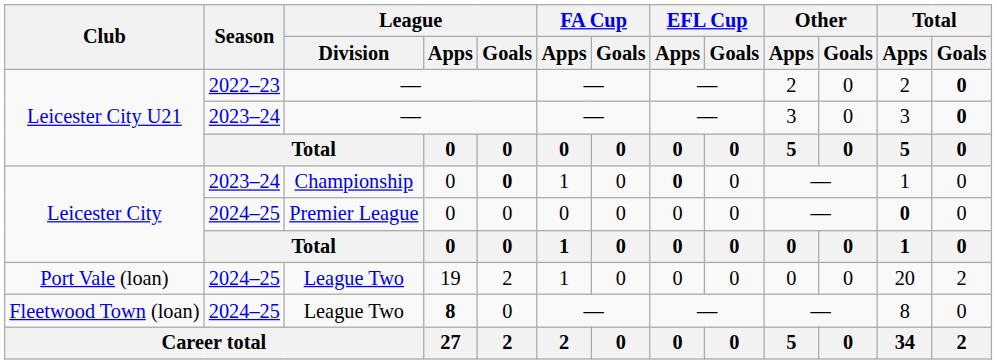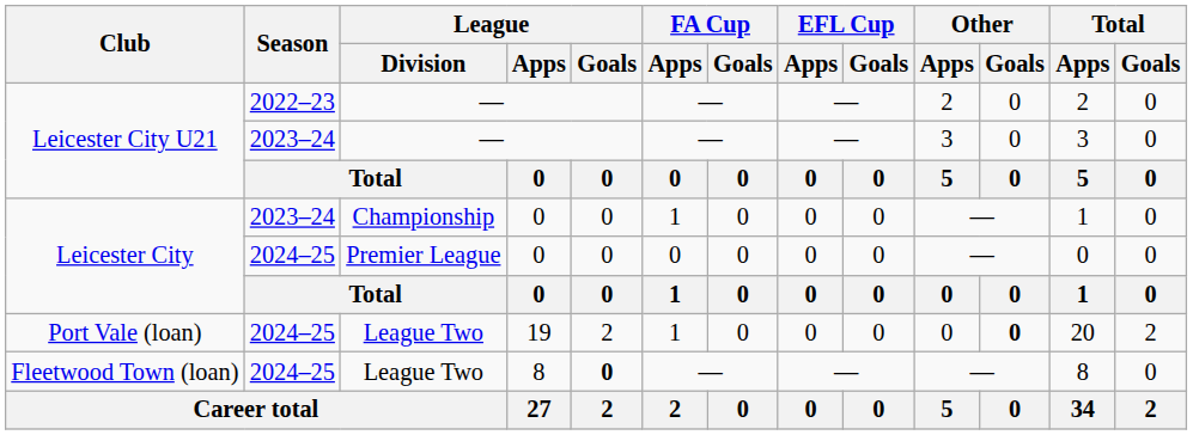 <table class=wikitable style=text-align:center>
 <tr>
 <th rowspan=2>Club</th>
 <th rowspan=2>Season</th>
 <th colspan=3>League</th>
 <th colspan=2><a href='#'>FA Cup</a></th>
 <th colspan=2><a href='#'>EFL Cup</a></th>
 <th colspan=2>Other</th>
 <th colspan=2>Total</th>
 </tr>
 <tr>
 <th>Division</th>
 <th>Apps</th>
 <th>Goals</th>
 <th>Apps</th>
 <th>Goals</th>
 <th>Apps</th>
 <th>Goals</th>
 <th>Apps</th>
 <th>Goals</th>
 <th>Apps</th>
 <th>Goals</th>
 </tr>
 <tr>
 <td rowspan="3"><a href='#'>Leicester City U21</a></td>
 <td><a href='#'>2022–23</a></td>
 <td colspan=3>—</td>
 <td colspan=2>—</td>
 <td colspan=2>—</td>
 <td>2</td>
 <td>0</td>
 <td>2</td>
-<td><strong>0</strong></td>
+<td>0</td>
 </tr>
 <tr>
 <td><a href='#'>2023–24</a></td>
 <td colspan=3>—</td>
 <td colspan=2>—</td>
 <td colspan=2>—</td>
 <td>3</td>
 <td>0</td>
 <td>3</td>
-<td><strong>0</strong></td>
+<td>0</td>
 </tr>
 <tr>
 <th colspan="2">Total</th>
 <th>0</th>
 <th>0</th>
 <th>0</th>
 <th>0</th>
 <th>0</th>
 <th>0</th>
 <th>5</th>
 <th>0</th>
 <th>5</th>
 <th>0</th>
 </tr>
 <tr>
 <td rowspan="3"><a href='#'>Leicester City</a></td>
 <td><a href='#'>2023–24</a></td>
 <td><a href='#'>Championship</a></td>
 <td>0</td>
-<td><strong>0</strong></td>
+<td>0</td>
 <td>1</td>
 <td>0</td>
-<td><strong>0</strong></td>
+<td>0</td>
 <td>0</td>
 <td colspan=2>—</td>
 <td>1</td>
 <td>0</td>
 </tr>
 <tr>
 <td><a href='#'>2024–25</a></td>
 <td><a href='#'>Premier League</a></td>
 <td>0</td>
 <td>0</td>
 <td>0</td>
 <td>0</td>
 <td>0</td>
 <td>0</td>
 <td colspan=2>—</td>
-<td><strong>0</strong></td>
+<td>0</td>
 <td>0</td>
 </tr>
 <tr>
 <th colspan="2">Total</th>
 <th>0</th>
 <th>0</th>
 <th>1</th>
 <th>0</th>
 <th>0</th>
 <th>0</th>
 <th>0</th>
 <th>0</th>
 <th>1</th>
 <th>0</th>
 </tr>
 <tr>
 <td><a href='#'>Port Vale</a> (loan)</td>
 <td><a href='#'>2024–25</a></td>
 <td><a href='#'>League Two</a></td>
 <td>19</td>
 <td>2</td>
 <td>1</td>
 <td>0</td>
 <td>0</td>
 <td>0</td>
 <td>0</td>
-<td>0</td>
+<td><strong>0</strong></td>
 <td>20</td>
 <td>2</td>
 </tr>
 <tr>
 <td><a href='#'>Fleetwood Town</a> (loan)</td>
 <td><a href='#'>2024–25</a></td>
 <td>League Two</td>
-<td><strong>8</strong></td>
-<td>0</td>
+<td>8</td>
+<td><strong>0</strong></td>
 <td colspan=2>—</td>
 <td colspan=2>—</td>
 <td colspan=2>—</td>
 <td>8</td>
 <td>0</td>
 </tr>
 <tr>
 <th colspan="3">Career total</th>
 <th>27</th>
 <th>2</th>
 <th>2</th>
 <th>0</th>
 <th>0</th>
 <th>0</th>
 <th>5</th>
 <th>0</th>
 <th>34</th>
 <th>2</th>
 </tr>
 </table>
